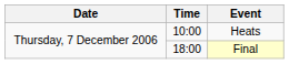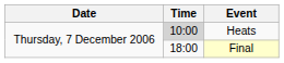 <table class = "wikitable" style="text-align:center;">
 <tr>
 <th width=220>Date</th>
 <th width=50>Time</th>
 <th width=100>Event</th>
 </tr>
 <tr>
 <td rowspan=2>Thursday, 7 December 2006</td>
-<td>10:00</td>
+<td style="background: lightgrey;">10:00</td>
 <td>Heats</td>
 </tr>
 <tr>
 <td>18:00</td>
 <td bgcolor=ffffcc>Final</td>
 </tr>
 </table>
